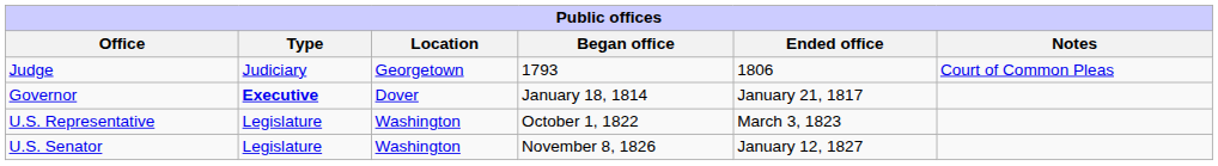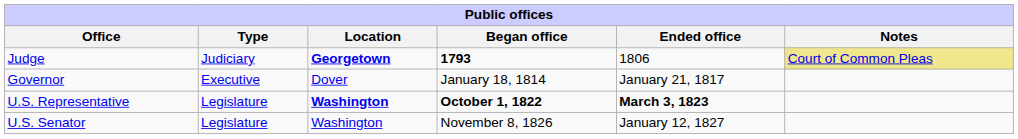 <table class=wikitable style="width: 94%" style="text-align: center;" align="center">
 <tr bgcolor=#cccccc>
 <th colspan=7 style="background: #ccccff;">Public offices</th>
 </tr>
 <tr>
 <th>Office</th>
 <th>Type</th>
 <th>Location</th>
 <th>Began office</th>
 <th>Ended office</th>
 <th>Notes</th>
 </tr>
 <tr>
 <td><a href='#'>Judge</a></td>
 <td><a href='#'>Judiciary</a></td>
-<td><a href='#'>Georgetown</a></td>
-<td>1793</td>
+<td><strong><a href='#'>Georgetown</a></strong></td>
+<td><strong>1793</strong></td>
 <td>1806</td>
-<td><a href='#'>Court of Common Pleas</a></td>
+<td style="background: khaki;"><a href='#'>Court of Common Pleas</a></td>
 </tr>
 <tr>
 <td><a href='#'>Governor</a></td>
-<td><strong><a href='#'>Executive</a></strong></td>
+<td><a href='#'>Executive</a></td>
 <td><a href='#'>Dover</a></td>
 <td>January 18, 1814</td>
 <td>January 21, 1817</td>
 <td></td>
 </tr>
 <tr>
 <td><a href='#'>U.S. Representative</a></td>
 <td><a href='#'>Legislature</a></td>
-<td><a href='#'>Washington</a></td>
-<td>October 1, 1822</td>
-<td>March 3, 1823</td>
+<td><strong><a href='#'>Washington</a></strong></td>
+<td><strong>October 1, 1822</strong></td>
+<td><strong>March 3, 1823</strong></td>
 <td></td>
 </tr>
 <tr>
 <td><a href='#'>U.S. Senator</a></td>
 <td><a href='#'>Legislature</a></td>
 <td><a href='#'>Washington</a></td>
 <td>November 8, 1826</td>
 <td>January 12, 1827</td>
 <td></td>
 </tr>
 </table>
